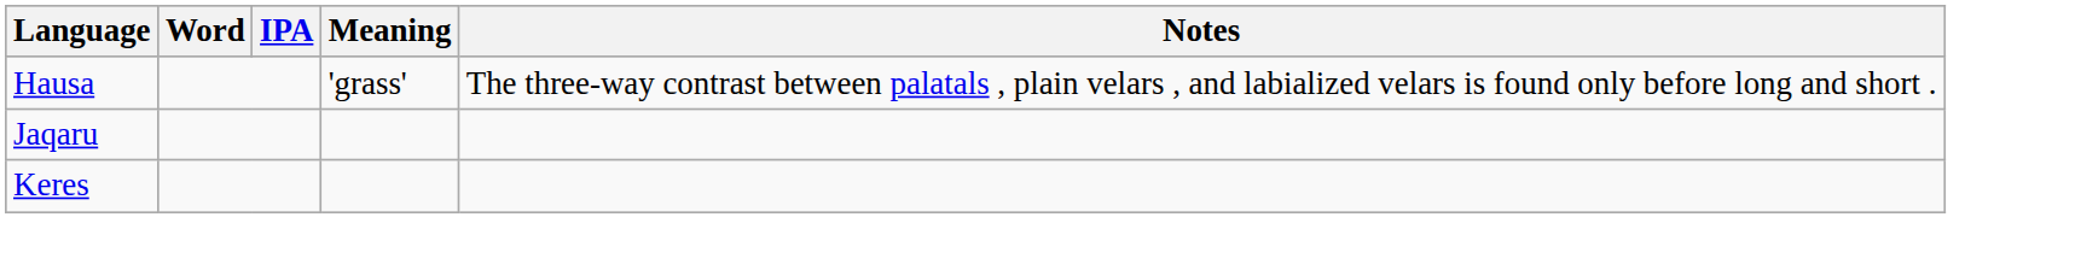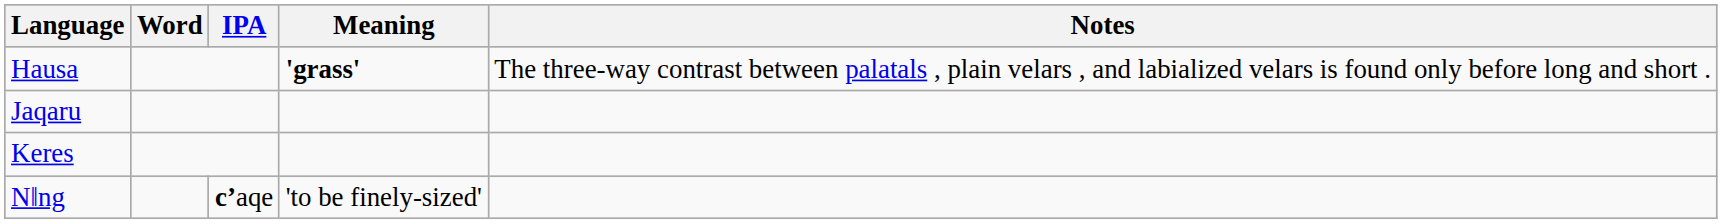 <table class="wikitable">
 <tr>
 <th>Language</th>
 <th>Word</th>
 <th><a href='#'>IPA</a></th>
 <th>Meaning</th>
 <th>Notes</th>
 </tr>
 <tr>
 <td><a href='#'>Hausa</a></td>
 <td colspan=2 align=center></td>
-<td>'grass'</td>
+<td><strong>'grass'</strong></td>
 <td>The three-way contrast between <a href='#'>palatals</a> , plain velars , and labialized velars  is found only before long and short .</td>
 </tr>
 <tr>
 <td><a href='#'>Jaqaru</a></td>
 <td colspan="2"></td>
 <td></td>
 <td></td>
 </tr>
 <tr>
 <td><a href='#'>Keres</a></td>
 <td colspan="2"></td>
 <td></td>
 <td></td>
 </tr>
+<tr>
+<td><a href='#'>Nǁng</a></td>
+<td></td>
+<td><strong>cʼ</strong>aqe</td>
+<td>'to be finely-sized'</td>
+<td></td>
+</tr>
 </table>
